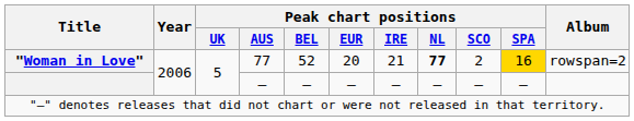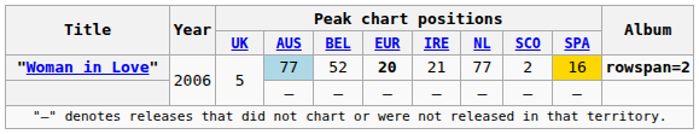 <table class="wikitable plainrowheaders" style="text-align:center;">
 <tr>
 <th scope="col" rowspan="2" style="width:10em;">Title</th>
 <th scope="col" rowspan="2">Year</th>
 <th scope="col" colspan="8">Peak chart positions</th>
 <th scope="col" rowspan="2">Album</th>
 </tr>
 <tr>
 <th scope="col" style="width:3em;font-size:90%;"><a href='#'>UK</a><br></th>
 <th scope="col" style="width:3em;font-size:90%;"><a href='#'>AUS</a><br></th>
 <th scope="col" style="width:3em;font-size:90%;"><a href='#'>BEL</a><br></th>
 <th scope="col" style="width:3em;font-size:90%;"><a href='#'>EUR</a><br></th>
 <th scope="col" style="width:3em;font-size:90%;"><a href='#'>IRE</a><br></th>
 <th scope="col" style="width:2.5em;font-size:90%;"><a href='#'>NL</a><br></th>
 <th scope="col" style="width:3em;font-size:90%;"><a href='#'>SCO</a><br></th>
 <th scope="col" style="width:3em;font-size:90%;"><a href='#'>SPA</a><br></th>
 </tr>
 <tr>
 <th scope="row">"<a href='#'>Woman in Love</a>"</th>
 <td rowspan="2">2006</td>
 <td rowspan="2">5</td>
+<td style="background: lightblue;">77</td>
+<td>52</td>
+<td><strong>20</strong></td>
+<td>21</td>
 <td>77</td>
-<td>52</td>
-<td>20</td>
-<td>21</td>
-<td><strong>77</strong></td>
 <td>2</td>
 <td style="background: gold;">16</td>
-<td>rowspan=2 </td>
+<td><strong>rowspan=2 </strong></td>
 </tr>
 <tr>
 <th scope="row"></th>
 <td>—</td>
 <td>—</td>
 <td>—</td>
 <td>—</td>
 <td>—</td>
 <td>—</td>
 <td>—</td>
 </tr>
 <tr>
 <td colspan="15" style="font-size:85%">"—" denotes releases that did not chart or were not released in that territory.</td>
 </tr>
 </table>
